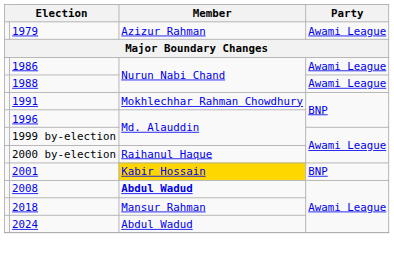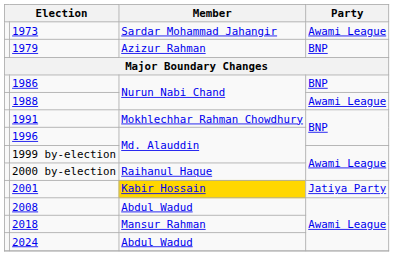 <table class="wikitable">
 <tr>
 <th colspan="2">Election</th>
 <th>Member</th>
 <th>Party</th>
 </tr>
 <tr>
 <td style="background-color:"></td>
+<td><a href='#'>1973</a></td>
+<td><a href='#'>Sardar Mohammad Jahangir</a></td>
+<td><a href='#'>Awami League</a></td>
+</tr>
+<tr>
+<td style="background-color:"></td>
 <td><a href='#'>1979</a></td>
 <td><a href='#'>Azizur Rahman</a></td>
-<td><a href='#'>Awami League</a></td>
+<td><a href='#'>BNP</a></td>
 </tr>
 <tr>
 <th colspan="4">Major Boundary Changes</th>
 </tr>
 <tr>
 <td style="background-color:"></td>
 <td><a href='#'>1986</a></td>
 <td rowspan="2"><a href='#'>Nurun Nabi Chand</a></td>
-<td><a href='#'>Awami League</a></td>
+<td><a href='#'>BNP</a></td>
 </tr>
 <tr>
 <td style="background-color:"></td>
 <td><a href='#'>1988</a></td>
 <td><a href='#'>Awami League</a></td>
 </tr>
 <tr>
 <td style="background-color:"></td>
 <td><a href='#'>1991</a></td>
 <td><a href='#'>Mokhlechhar Rahman Chowdhury</a></td>
 <td rowspan="2"><a href='#'>BNP</a></td>
 </tr>
 <tr>
 <td style="background-color:"></td>
 <td><a href='#'>1996</a></td>
 <td rowspan="2"><a href='#'>Md. Alauddin</a></td>
 </tr>
 <tr>
 <td style="background-color:"></td>
 <td>1999 by-election</td>
 <td rowspan="2"><a href='#'>Awami League</a></td>
 </tr>
 <tr>
 <td style="background-color:"></td>
 <td>2000 by-election</td>
 <td><a href='#'>Raihanul Haque</a></td>
 </tr>
 <tr>
 <td style="background-color:"></td>
 <td><a href='#'>2001</a></td>
 <td style="background: gold;"><a href='#'>Kabir Hossain</a></td>
-<td><a href='#'>BNP</a></td>
+<td><a href='#'>Jatiya Party</a></td>
 </tr>
 <tr>
 <td style="background-color:"></td>
 <td><a href='#'>2008</a></td>
-<td><strong><a href='#'>Abdul Wadud</a></strong></td>
+<td><a href='#'>Abdul Wadud</a></td>
 <td rowspan="3"><a href='#'>Awami League</a></td>
 </tr>
 <tr>
 <td style="background-color:"></td>
 <td><a href='#'>2018</a></td>
 <td><a href='#'>Mansur Rahman</a></td>
 </tr>
 <tr>
 <td style="background-color:"></td>
 <td><a href='#'>2024</a></td>
 <td><a href='#'>Abdul Wadud</a></td>
 </tr>
 <tr>
 </tr>
 </table>
